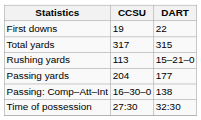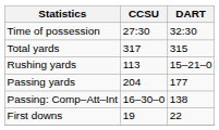 <table class="wikitable" style="float: left;">
 <tr>
 <th>Statistics</th>
 <th>CCSU</th>
 <th>DART</th>
 </tr>
 <tr>
-<td>First downs</td>
-<td>19</td>
-<td>22</td>
+<td>Time of possession</td>
+<td>27:30</td>
+<td>32:30</td>
 </tr>
 <tr>
 <td>Total yards</td>
 <td>317</td>
 <td>315</td>
 </tr>
 <tr>
 <td>Rushing yards</td>
 <td>113</td>
 <td>15–21–0</td>
 </tr>
 <tr>
 <td>Passing yards</td>
 <td>204</td>
 <td>177</td>
 </tr>
 <tr>
 <td>Passing: Comp–Att–Int</td>
 <td>16–30–0</td>
 <td>138</td>
 </tr>
 <tr>
-<td>Time of possession</td>
-<td>27:30</td>
-<td>32:30</td>
+<td>First downs</td>
+<td>19</td>
+<td>22</td>
 </tr>
 <tr>
 </tr>
 </table>
